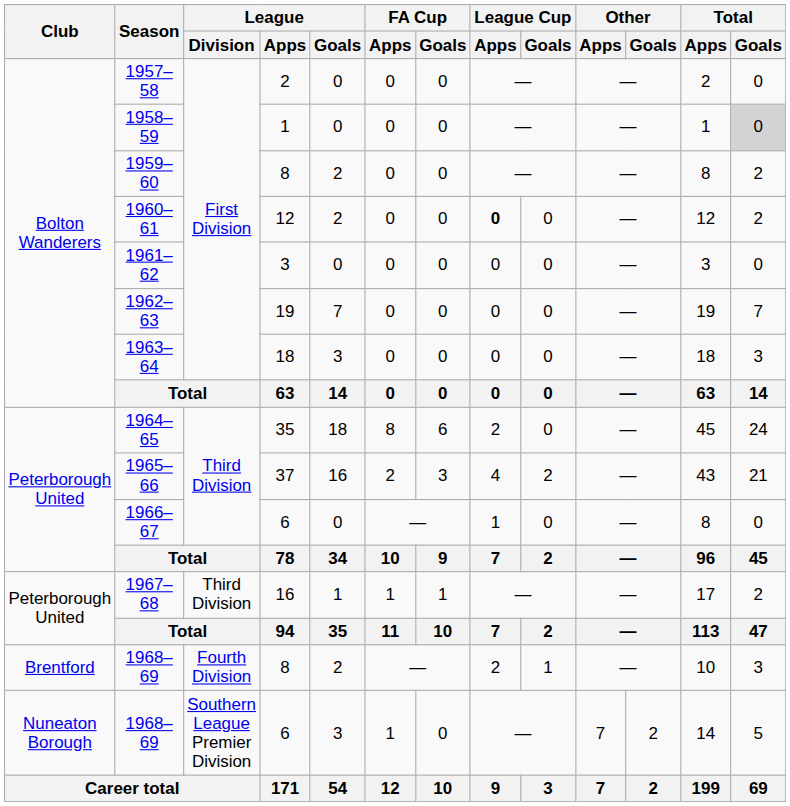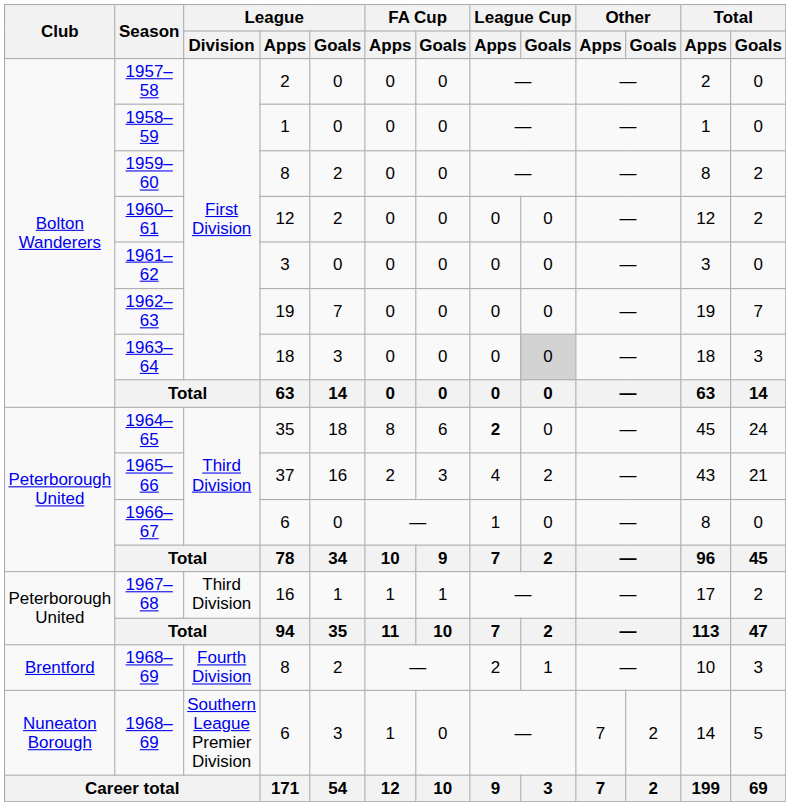 <table class="wikitable" style="text-align: center;">
 <tr>
 <th rowspan="2">Club</th>
 <th rowspan="2">Season</th>
 <th colspan="3">League</th>
 <th colspan="2">FA Cup</th>
 <th colspan="2">League Cup</th>
 <th colspan="2">Other</th>
 <th colspan="2">Total</th>
 </tr>
 <tr>
 <th>Division</th>
 <th>Apps</th>
 <th>Goals</th>
 <th>Apps</th>
 <th>Goals</th>
 <th>Apps</th>
 <th>Goals</th>
 <th>Apps</th>
 <th>Goals</th>
 <th>Apps</th>
 <th>Goals</th>
 </tr>
 <tr>
 <td rowspan="8"><a href='#'>Bolton Wanderers</a></td>
 <td><a href='#'>1957–58</a></td>
 <td rowspan="7"><a href='#'>First Division</a></td>
 <td>2</td>
 <td>0</td>
 <td>0</td>
 <td>0</td>
 <td colspan="2">—</td>
 <td colspan="2">—</td>
 <td>2</td>
 <td>0</td>
 </tr>
 <tr>
 <td><a href='#'>1958–59</a></td>
 <td>1</td>
 <td>0</td>
 <td>0</td>
 <td>0</td>
 <td colspan="2">—</td>
 <td colspan="2">—</td>
 <td>1</td>
-<td style="background: lightgrey;">0</td>
+<td>0</td>
 </tr>
 <tr>
 <td><a href='#'>1959–60</a></td>
 <td>8</td>
 <td>2</td>
 <td>0</td>
 <td>0</td>
 <td colspan="2">—</td>
 <td colspan="2">—</td>
 <td>8</td>
 <td>2</td>
 </tr>
 <tr>
 <td><a href='#'>1960–61</a></td>
 <td>12</td>
 <td>2</td>
 <td>0</td>
 <td>0</td>
-<td><strong>0</strong></td>
+<td>0</td>
 <td>0</td>
 <td colspan="2">—</td>
 <td>12</td>
 <td>2</td>
 </tr>
 <tr>
 <td><a href='#'>1961–62</a></td>
 <td>3</td>
 <td>0</td>
 <td>0</td>
 <td>0</td>
 <td>0</td>
 <td>0</td>
 <td colspan="2">—</td>
 <td>3</td>
 <td>0</td>
 </tr>
 <tr>
 <td><a href='#'>1962–63</a></td>
 <td>19</td>
 <td>7</td>
 <td>0</td>
 <td>0</td>
 <td>0</td>
 <td>0</td>
 <td colspan="2">—</td>
 <td>19</td>
 <td>7</td>
 </tr>
 <tr>
 <td><a href='#'>1963–64</a></td>
 <td>18</td>
 <td>3</td>
 <td>0</td>
 <td>0</td>
 <td>0</td>
-<td>0</td>
+<td style="background: lightgrey;">0</td>
 <td colspan="2">—</td>
 <td>18</td>
 <td>3</td>
 </tr>
 <tr>
 <th colspan="2">Total</th>
 <th>63</th>
 <th>14</th>
 <th>0</th>
 <th>0</th>
 <th>0</th>
 <th>0</th>
 <th colspan="2">—</th>
 <th>63</th>
 <th>14</th>
 </tr>
 <tr>
 <td rowspan="4"><a href='#'>Peterborough United</a></td>
 <td><a href='#'>1964–65</a></td>
 <td rowspan="3"><a href='#'>Third Division</a></td>
 <td>35</td>
 <td>18</td>
 <td>8</td>
 <td>6</td>
-<td>2</td>
+<td><strong>2</strong></td>
 <td>0</td>
 <td colspan="2">—</td>
 <td>45</td>
 <td>24</td>
 </tr>
 <tr>
 <td><a href='#'>1965–66</a></td>
 <td>37</td>
 <td>16</td>
 <td>2</td>
 <td>3</td>
 <td>4</td>
 <td>2</td>
 <td colspan="2">—</td>
 <td>43</td>
 <td>21</td>
 </tr>
 <tr>
 <td><a href='#'>1966–67</a></td>
 <td>6</td>
 <td>0</td>
 <td colspan="2">—</td>
 <td>1</td>
 <td>0</td>
 <td colspan="2">—</td>
 <td>8</td>
 <td>0</td>
 </tr>
 <tr>
 <th colspan="2">Total</th>
 <th>78</th>
 <th>34</th>
 <th>10</th>
 <th>9</th>
 <th>7</th>
 <th>2</th>
 <th colspan="2">—</th>
 <th>96</th>
 <th>45</th>
 </tr>
 <tr>
 <td rowspan="2">Peterborough United</td>
 <td><a href='#'>1967–68</a></td>
 <td>Third Division</td>
 <td>16</td>
 <td>1</td>
 <td>1</td>
 <td>1</td>
 <td colspan="2">—</td>
 <td colspan="2">—</td>
 <td>17</td>
 <td>2</td>
 </tr>
 <tr>
 <th colspan="2">Total</th>
 <th>94</th>
 <th>35</th>
 <th>11</th>
 <th>10</th>
 <th>7</th>
 <th>2</th>
 <th colspan="2">—</th>
 <th>113</th>
 <th>47</th>
 </tr>
 <tr>
 <td><a href='#'>Brentford</a></td>
 <td><a href='#'>1968–69</a></td>
 <td><a href='#'>Fourth Division</a></td>
 <td>8</td>
 <td>2</td>
 <td colspan="2">—</td>
 <td>2</td>
 <td>1</td>
 <td colspan="2">—</td>
 <td>10</td>
 <td>3</td>
 </tr>
 <tr>
 <td><a href='#'>Nuneaton Borough</a></td>
 <td><a href='#'>1968–69</a></td>
 <td><a href='#'>Southern League</a> Premier Division</td>
 <td>6</td>
 <td>3</td>
 <td>1</td>
 <td>0</td>
 <td colspan="2">—</td>
 <td>7</td>
 <td>2</td>
 <td>14</td>
 <td>5</td>
 </tr>
 <tr>
 <th colspan="3">Career total</th>
 <th>171</th>
 <th>54</th>
 <th>12</th>
 <th>10</th>
 <th>9</th>
 <th>3</th>
 <th>7</th>
 <th>2</th>
 <th>199</th>
 <th>69</th>
 </tr>
 </table>
